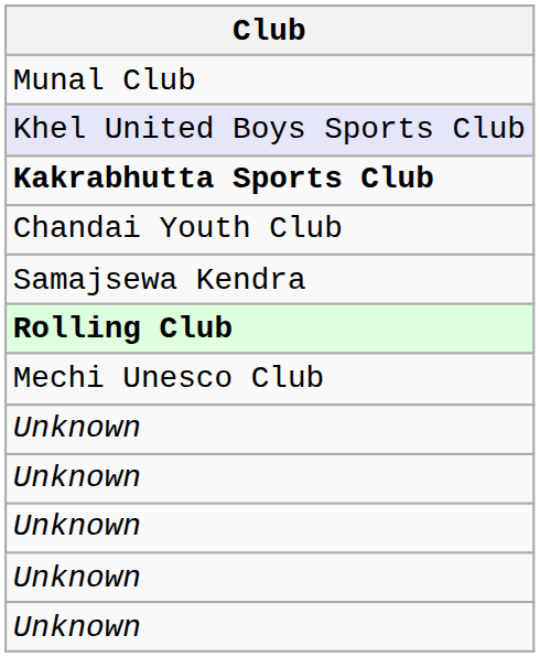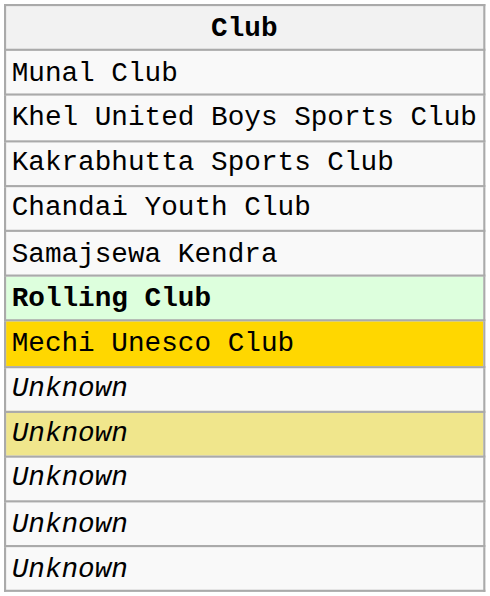 <table class="wikitable" border="1">
 <tr>
 <th>Club</th>
 </tr>
 <tr>
 <td>Munal Club</td>
 </tr>
 <tr>
-<td style="background: lavender;">Khel United Boys Sports Club</td>
+<td>Khel United Boys Sports Club</td>
 </tr>
 <tr>
-<td><strong>Kakrabhutta Sports Club</strong></td>
+<td>Kakrabhutta Sports Club</td>
 </tr>
 <tr>
 <td>Chandai Youth Club</td>
 </tr>
 <tr>
 <td>Samajsewa Kendra</td>
 </tr>
 <tr bgcolor=#dfd>
 <td><strong>Rolling Club</strong></td>
 </tr>
 <tr>
-<td>Mechi Unesco Club</td>
+<td style="background: gold;">Mechi Unesco Club</td>
 </tr>
 <tr>
 <td><em>Unknown</em></td>
 </tr>
 <tr>
-<td><em>Unknown</em></td>
+<td style="background: khaki;"><em>Unknown</em></td>
 </tr>
 <tr>
 <td><em>Unknown</em></td>
 </tr>
 <tr>
 <td><em>Unknown</em></td>
 </tr>
 <tr>
 <td><em>Unknown</em></td>
 </tr>
 </table>
